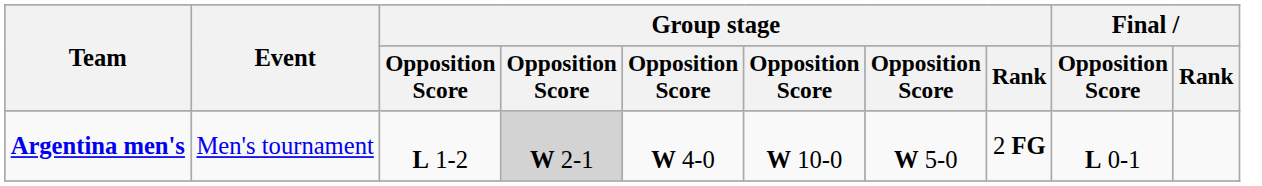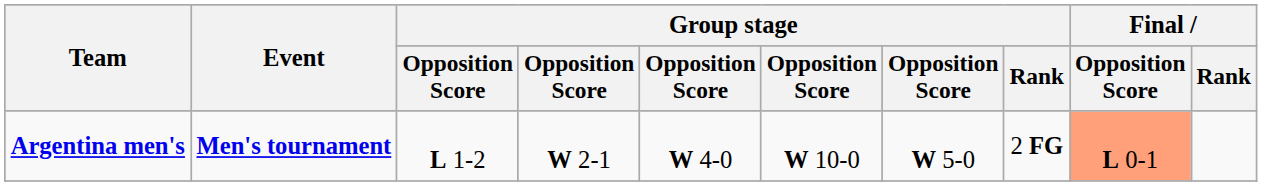 <table class="wikitable" style="font-size:90%;text-align:center">
 <tr>
 <th rowspan="2">Team</th>
 <th rowspan="2">Event</th>
 <th colspan="6">Group stage</th>
 <th colspan="2">Final / </th>
 </tr>
 <tr style="font-size:95%">
 <th>Opposition<br>Score</th>
 <th>Opposition<br>Score</th>
 <th>Opposition<br>Score</th>
 <th>Opposition<br>Score</th>
 <th>Opposition<br>Score</th>
 <th>Rank</th>
 <th>Opposition<br>Score</th>
 <th>Rank</th>
 </tr>
 <tr>
 <td align=left><strong><a href='#'>Argentina men's</a></strong></td>
-<td align=left><a href='#'>Men's tournament</a></td>
+<td align=left><strong><a href='#'>Men's tournament</a></strong></td>
 <td><br><strong>L</strong> 1-2</td>
-<td style="background: lightgrey;"><br><strong>W</strong> 2-1</td>
+<td><br><strong>W</strong> 2-1</td>
 <td><br><strong>W</strong> 4-0</td>
 <td><br><strong>W</strong> 10-0</td>
 <td><br><strong>W</strong> 5-0</td>
 <td>2 <strong>FG</strong></td>
-<td><br><strong>L</strong> 0-1 </td>
+<td style="background: lightsalmon;"><br><strong>L</strong> 0-1 </td>
 <td></td>
 </tr>
 </table>
